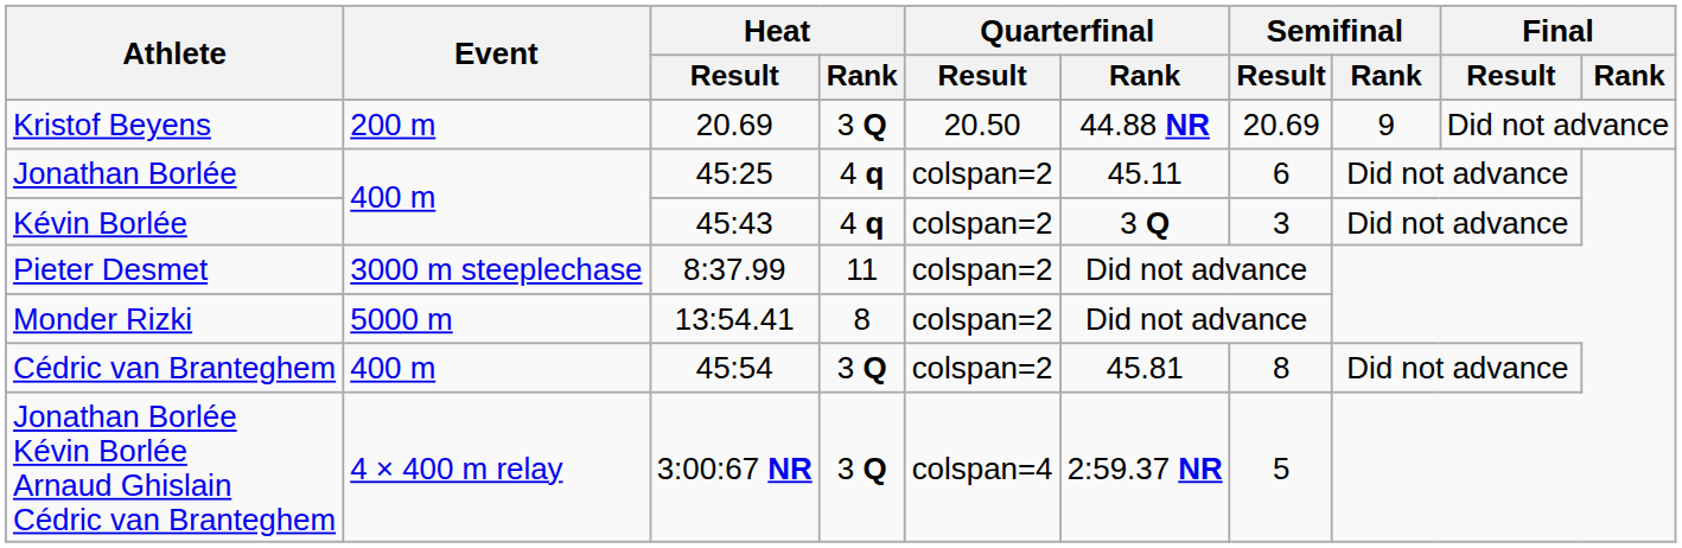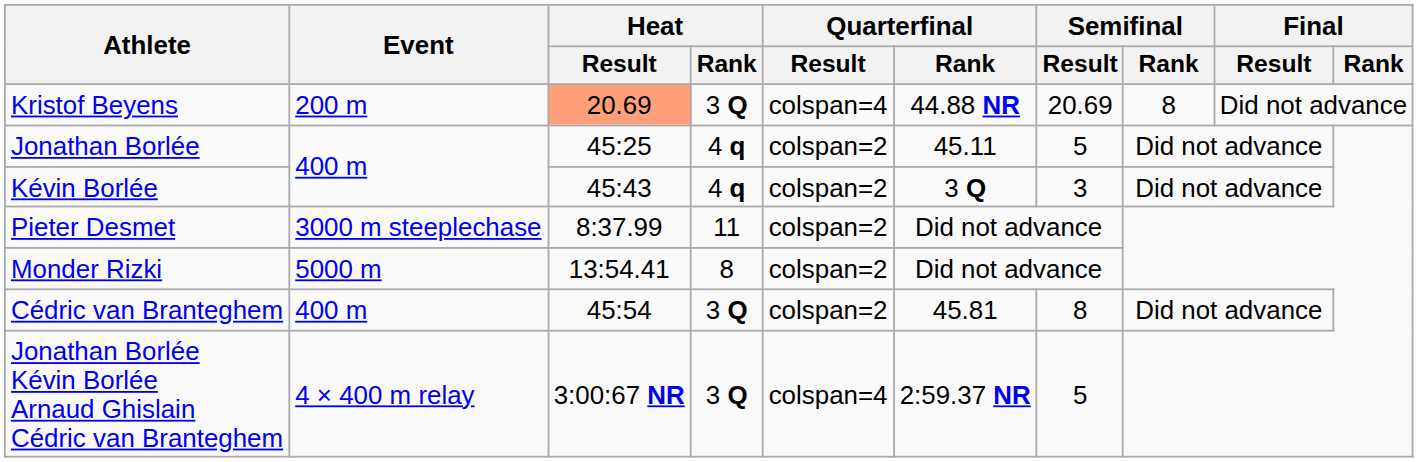 <table class="wikitable" style="font-size:90%">
 <tr>
 <th rowspan="2">Athlete</th>
 <th rowspan="2">Event</th>
 <th colspan="2">Heat</th>
 <th colspan="2">Quarterfinal</th>
 <th colspan="2">Semifinal</th>
 <th colspan="2">Final</th>
 </tr>
 <tr style="font-size:95%">
 <th>Result</th>
 <th>Rank</th>
 <th>Result</th>
 <th>Rank</th>
 <th>Result</th>
 <th>Rank</th>
 <th>Result</th>
 <th>Rank</th>
 </tr>
 <tr align=center>
 <td align=left><a href='#'>Kristof Beyens</a></td>
 <td align=left><a href='#'>200 m</a></td>
-<td>20.69</td>
+<td style="background: lightsalmon;">20.69</td>
 <td>3 <strong>Q</strong></td>
-<td>20.50</td>
+<td>colspan=4 </td>
 <td>44.88 <strong><a href='#'>NR</a></strong></td>
 <td>20.69</td>
-<td>9</td>
+<td>8</td>
 <td colspan=2>Did not advance</td>
 </tr>
 <tr align=center>
 <td align=left><a href='#'>Jonathan Borlée</a></td>
 <td align=left rowspan=2><a href='#'>400 m</a></td>
 <td>45:25</td>
 <td>4 <strong>q</strong></td>
 <td>colspan=2 </td>
 <td>45.11</td>
-<td>6</td>
+<td>5</td>
 <td colspan=2>Did not advance</td>
 </tr>
 <tr align=center>
 <td align=left><a href='#'>Kévin Borlée</a></td>
 <td>45:43</td>
 <td>4 <strong>q</strong></td>
 <td>colspan=2 </td>
 <td>3 <strong>Q</strong></td>
 <td>3</td>
 <td colspan=2>Did not advance</td>
 </tr>
 <tr align=center>
 <td align=left><a href='#'>Pieter Desmet</a></td>
 <td align=left><a href='#'>3000 m steeplechase</a></td>
 <td>8:37.99</td>
 <td>11</td>
 <td>colspan=2 </td>
 <td colspan=2>Did not advance</td>
 </tr>
 <tr align=center>
 <td align=left><a href='#'>Monder Rizki</a></td>
 <td align=left><a href='#'>5000 m</a></td>
 <td>13:54.41</td>
 <td>8</td>
 <td>colspan=2 </td>
 <td colspan=2>Did not advance</td>
 </tr>
 <tr align=center>
 <td align=left><a href='#'>Cédric van Branteghem</a></td>
 <td align=left><a href='#'>400 m</a></td>
 <td>45:54</td>
 <td>3 <strong>Q</strong></td>
 <td>colspan=2 </td>
 <td>45.81</td>
 <td>8</td>
 <td colspan=2>Did not advance</td>
 </tr>
 <tr align=center>
 <td align=left><a href='#'>Jonathan Borlée</a><br><a href='#'>Kévin Borlée</a><br><a href='#'>Arnaud Ghislain</a><br><a href='#'>Cédric van Branteghem</a></td>
 <td align=left><a href='#'>4 × 400 m relay</a></td>
 <td>3:00:67 <strong><a href='#'>NR</a></strong></td>
 <td>3 <strong>Q</strong></td>
 <td>colspan=4 </td>
 <td>2:59.37 <strong><a href='#'>NR</a></strong></td>
 <td>5</td>
 </tr>
 </table>
